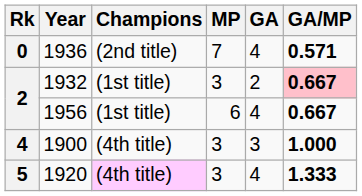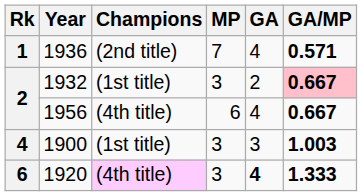 <table class="wikitable sticky-header defaultright col2center col3left" style="margin-left: 1em; margin-right:1em; display: inline-table;">
 <tr>
 <th scope="col">Rk</th>
 <th scope="col">Year</th>
 <th scope="col">Champions</th>
 <th scope="col">MP</th>
 <th scope="col">GA</th>
 <th scope="col">GA/MP</th>
 </tr>
 <tr>
-<th scope="row">0</th>
+<th scope="row">1</th>
 <td>1936</td>
 <td> (2nd title)</td>
 <td>7</td>
 <td>4</td>
 <td><strong>0.571</strong></td>
 </tr>
 <tr>
 <th scope="rowgroup" rowspan="2">2</th>
 <td>1932</td>
 <td> (1st title)</td>
 <td>3</td>
 <td>2</td>
 <td style="background: pink;"><strong>0.667</strong></td>
 </tr>
 <tr>
 <td style="text-align: center;">1956</td>
-<td> (1st title)</td>
+<td style="text-align: left;"> (4th title)</td>
 <td style="text-align: right;">6</td>
 <td>4</td>
 <td><strong>0.667</strong></td>
 </tr>
 <tr>
 <th scope="row">4</th>
 <td>1900</td>
-<td style="text-align: left;"> (4th title)</td>
+<td> (1st title)</td>
 <td>3</td>
 <td>3</td>
-<td><strong>1.000</strong></td>
+<td><strong>1.003</strong></td>
 </tr>
 <tr>
-<th scope="row">5</th>
+<th scope="row">6</th>
 <td>1920</td>
 <td style="background-color: #ffccff;"> (4th title)</td>
 <td>3</td>
-<td>4</td>
+<td><strong>4</strong></td>
 <td><strong>1.333</strong></td>
 </tr>
 </table>
